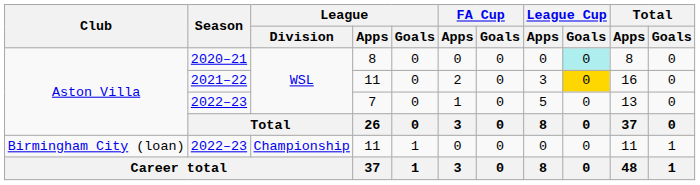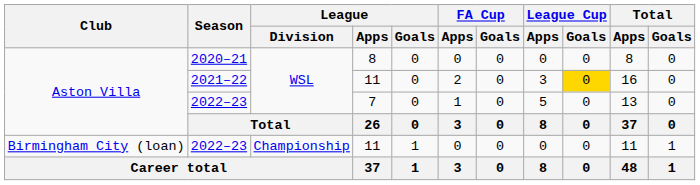 <table class="wikitable" style="text-align:center">
 <tr>
 <th rowspan="2">Club</th>
 <th rowspan="2">Season</th>
 <th colspan="3">League</th>
 <th colspan="2"><a href='#'>FA Cup</a></th>
 <th colspan="2"><a href='#'>League Cup</a></th>
 <th colspan="2">Total</th>
 </tr>
 <tr>
 <th>Division</th>
 <th>Apps</th>
 <th>Goals</th>
 <th>Apps</th>
 <th>Goals</th>
 <th>Apps</th>
 <th>Goals</th>
 <th>Apps</th>
 <th>Goals</th>
 </tr>
 <tr>
 <td rowspan="4"><a href='#'>Aston Villa</a></td>
 <td><a href='#'>2020–21</a></td>
 <td rowspan="3"><a href='#'>WSL</a></td>
 <td>8</td>
 <td>0</td>
 <td>0</td>
 <td>0</td>
 <td>0</td>
-<td style="background: paleturquoise;">0</td>
+<td>0</td>
 <td>8</td>
 <td>0</td>
 </tr>
 <tr>
 <td><a href='#'>2021–22</a></td>
 <td>11</td>
 <td>0</td>
 <td>2</td>
 <td>0</td>
 <td>3</td>
 <td style="background: gold;">0</td>
 <td>16</td>
 <td>0</td>
 </tr>
 <tr>
 <td><a href='#'>2022–23</a></td>
 <td>7</td>
 <td>0</td>
 <td>1</td>
 <td>0</td>
 <td>5</td>
 <td>0</td>
 <td>13</td>
 <td>0</td>
 </tr>
 <tr>
 <th colspan="2">Total</th>
 <th>26</th>
 <th>0</th>
 <th>3</th>
 <th>0</th>
 <th>8</th>
 <th>0</th>
 <th>37</th>
 <th>0</th>
 </tr>
 <tr>
 <td><a href='#'>Birmingham City</a> (loan)</td>
 <td><a href='#'>2022–23</a></td>
 <td><a href='#'>Championship</a></td>
 <td>11</td>
 <td>1</td>
 <td>0</td>
 <td>0</td>
 <td>0</td>
 <td>0</td>
 <td>11</td>
 <td>1</td>
 </tr>
 <tr>
 <th colspan="3">Career total</th>
 <th>37</th>
 <th>1</th>
 <th>3</th>
 <th>0</th>
 <th>8</th>
 <th>0</th>
 <th>48</th>
 <th>1</th>
 </tr>
 </table>
